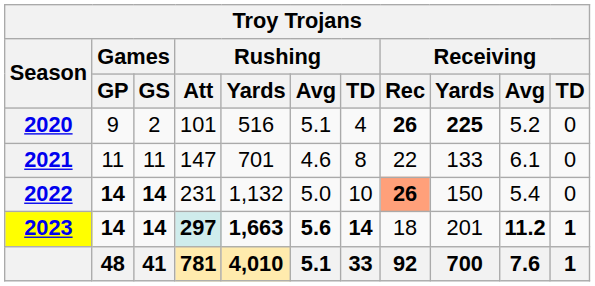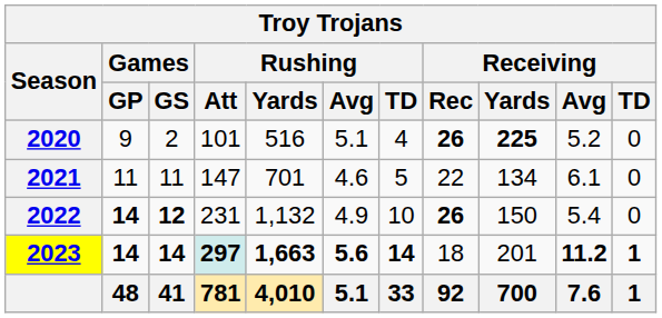 <table class="wikitable" style="text-align:center;">
 <tr>
 <th colspan="12">Troy Trojans</th>
 </tr>
 <tr>
 <th rowspan="2">Season</th>
 <th colspan="2">Games</th>
 <th colspan="4">Rushing</th>
 <th colspan="4">Receiving</th>
 </tr>
 <tr>
 <th>GP</th>
 <th>GS</th>
 <th>Att</th>
 <th>Yards</th>
 <th>Avg</th>
 <th>TD</th>
 <th>Rec</th>
 <th>Yards</th>
 <th>Avg</th>
 <th>TD</th>
 </tr>
 <tr>
 <th><a href='#'>2020</a></th>
 <td>9</td>
 <td>2</td>
 <td>101</td>
 <td>516</td>
 <td>5.1</td>
 <td>4</td>
 <td><strong>26</strong></td>
 <td><strong>225</strong></td>
 <td>5.2</td>
 <td>0</td>
 </tr>
 <tr>
 <th><a href='#'>2021</a></th>
 <td>11</td>
 <td>11</td>
 <td>147</td>
 <td>701</td>
 <td>4.6</td>
-<td>8</td>
+<td>5</td>
 <td>22</td>
-<td>133</td>
+<td>134</td>
 <td>6.1</td>
 <td>0</td>
 </tr>
 <tr>
 <th><a href='#'>2022</a></th>
 <td><strong>14</strong></td>
-<td><strong>14</strong></td>
+<td><strong>12</strong></td>
 <td>231</td>
 <td>1,132</td>
-<td>5.0</td>
+<td>4.9</td>
 <td>10</td>
-<td style="background: lightsalmon;"><strong>26</strong></td>
+<td><strong>26</strong></td>
 <td>150</td>
 <td>5.4</td>
 <td>0</td>
 </tr>
 <tr>
 <th style="background:#ff0;"><a href='#'>2023</a></th>
 <td><strong>14</strong></td>
 <td><strong>14</strong></td>
 <td style="background:#cfecec;"><strong>297</strong></td>
 <td><strong>1,663</strong></td>
 <td><strong>5.6</strong></td>
 <td><strong>14</strong></td>
 <td>18</td>
 <td>201</td>
 <td><strong>11.2</strong></td>
 <td><strong>1</strong></td>
 </tr>
 <tr>
 <th></th>
 <th>48</th>
 <th>41</th>
 <th style="background:#FFEBAD;">781</th>
 <th style="background:#FFEBAD;">4,010</th>
 <th>5.1</th>
 <th>33</th>
 <th>92</th>
 <th>700</th>
 <th>7.6</th>
 <th>1</th>
 </tr>
 </table>
